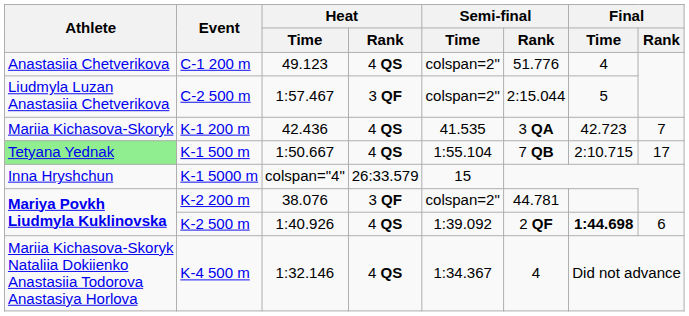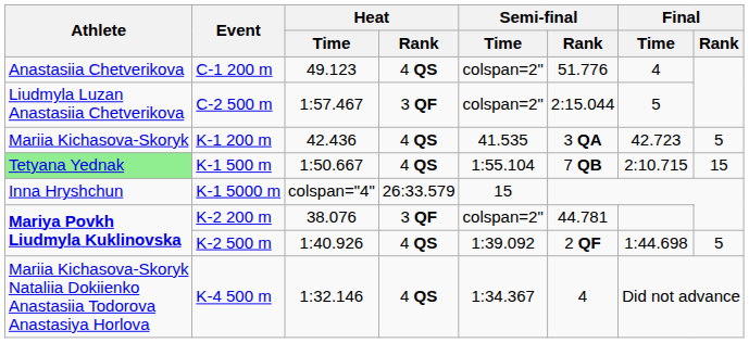 <table class="wikitable" style="text-align: center">
 <tr>
 <th rowspan="2">Athlete</th>
 <th rowspan="2">Event</th>
 <th colspan="2">Heat</th>
 <th colspan="2">Semi-final</th>
 <th colspan="2">Final</th>
 </tr>
 <tr>
 <th>Time</th>
 <th>Rank</th>
 <th>Time</th>
 <th>Rank</th>
 <th>Time</th>
 <th>Rank</th>
 </tr>
 <tr>
 <td align="left"><a href='#'>Anastasiia Chetverikova</a></td>
 <td align="left"><a href='#'>C-1 200 m</a></td>
 <td>49.123</td>
 <td>4 <strong>QS</strong></td>
 <td>colspan=2" </td>
 <td>51.776</td>
 <td>4</td>
 </tr>
 <tr>
 <td align="left"><a href='#'>Liudmyla Luzan</a><br><a href='#'>Anastasiia Chetverikova</a></td>
 <td align="left"><a href='#'>C-2 500 m</a></td>
 <td>1:57.467</td>
 <td>3 <strong>QF</strong></td>
 <td>colspan=2" </td>
 <td>2:15.044</td>
 <td>5</td>
 </tr>
 <tr>
 <td align="left"><a href='#'>Mariia Kichasova-Skoryk</a></td>
 <td align="left"><a href='#'>K-1 200 m</a></td>
 <td>42.436</td>
 <td>4 <strong>QS</strong></td>
 <td>41.535</td>
 <td>3 <strong>QA</strong></td>
 <td>42.723</td>
-<td>7</td>
+<td>5</td>
 </tr>
 <tr>
 <td align="left" style="background: lightgreen;"><a href='#'>Tetyana Yednak</a></td>
 <td align="left"><a href='#'>K-1 500 m</a></td>
 <td>1:50.667</td>
 <td>4 <strong>QS</strong></td>
 <td>1:55.104</td>
 <td>7 <strong>QB</strong></td>
 <td>2:10.715</td>
-<td>17</td>
+<td>15</td>
 </tr>
 <tr>
 <td align="left"><a href='#'>Inna Hryshchun</a></td>
 <td align="left"><a href='#'>K-1 5000 m</a></td>
 <td>colspan="4" </td>
 <td>26:33.579</td>
 <td>15</td>
 </tr>
 <tr>
 <td rowspan="2" align="left"><strong><a href='#'>Mariya Povkh</a><br><a href='#'>Liudmyla Kuklinovska</a></strong></td>
 <td align="left"><a href='#'>K-2 200 m</a></td>
 <td>38.076</td>
 <td>3 <strong>QF</strong></td>
 <td>colspan=2" </td>
 <td>44.781</td>
 <td></td>
 </tr>
 <tr>
 <td align="left"><a href='#'>K-2 500 m</a></td>
 <td>1:40.926</td>
 <td>4 <strong>QS</strong></td>
 <td>1:39.092</td>
 <td>2 <strong>QF</strong></td>
-<td><strong>1:44.698</strong></td>
-<td>6</td>
+<td>1:44.698</td>
+<td>5</td>
 </tr>
 <tr>
 <td align="left"><a href='#'>Mariia Kichasova-Skoryk</a><br><a href='#'>Nataliia Dokiienko</a><br><a href='#'>Anastasiia Todorova</a><br><a href='#'>Anastasiya Horlova</a></td>
 <td align="left"><a href='#'>K-4 500 m</a></td>
 <td>1:32.146</td>
 <td>4 <strong>QS</strong></td>
 <td>1:34.367</td>
 <td>4</td>
 <td colspan="2">Did not advance</td>
 </tr>
 </table>
